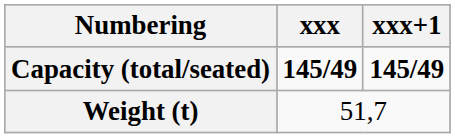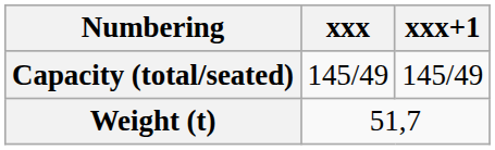 <table class="wikitable">
 <tr>
 <th>Numbering</th>
 <th>xxx</th>
 <th>xxx+1</th>
 </tr>
 <tr>
 <th>Capacity (total/seated)</th>
-<td><strong>145/49</strong></td>
-<td><strong>145/49</strong></td>
+<td>145/49</td>
+<td>145/49</td>
 </tr>
 <tr>
 <th>Weight (t)</th>
 <td colspan="2" style="text-align: center;">51,7</td>
 </tr>
 </table>
